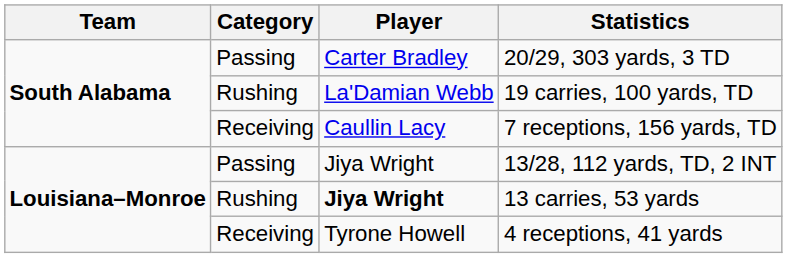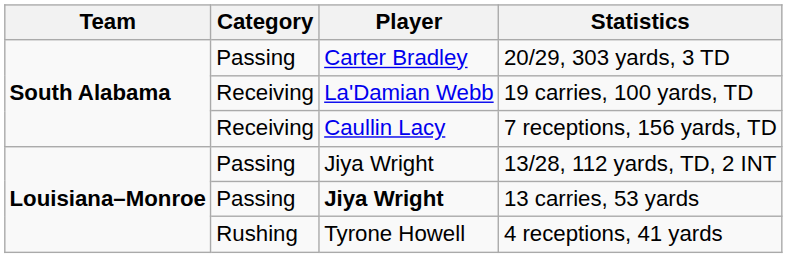 <table class="wikitable" style="float: right;">
 <tr>
 <th>Team</th>
 <th>Category</th>
 <th>Player</th>
 <th>Statistics</th>
 </tr>
 <tr>
 <td rowspan=3><strong>South Alabama</strong></td>
 <td>Passing</td>
 <td><a href='#'>Carter Bradley</a></td>
 <td>20/29, 303 yards, 3 TD</td>
 </tr>
 <tr>
-<td>Rushing</td>
+<td>Receiving</td>
 <td><a href='#'>La'Damian Webb</a></td>
 <td>19 carries, 100 yards, TD</td>
 </tr>
 <tr>
 <td>Receiving</td>
 <td><a href='#'>Caullin Lacy</a></td>
 <td>7 receptions, 156 yards, TD</td>
 </tr>
 <tr>
 <td rowspan=3><strong>Louisiana–Monroe</strong></td>
 <td>Passing</td>
 <td>Jiya Wright</td>
 <td>13/28, 112 yards, TD, 2 INT</td>
 </tr>
 <tr>
-<td>Rushing</td>
+<td>Passing</td>
 <td><strong>Jiya Wright</strong></td>
 <td>13 carries, 53 yards</td>
 </tr>
 <tr>
-<td>Receiving</td>
+<td>Rushing</td>
 <td>Tyrone Howell</td>
 <td>4 receptions, 41 yards</td>
 </tr>
 </table>
